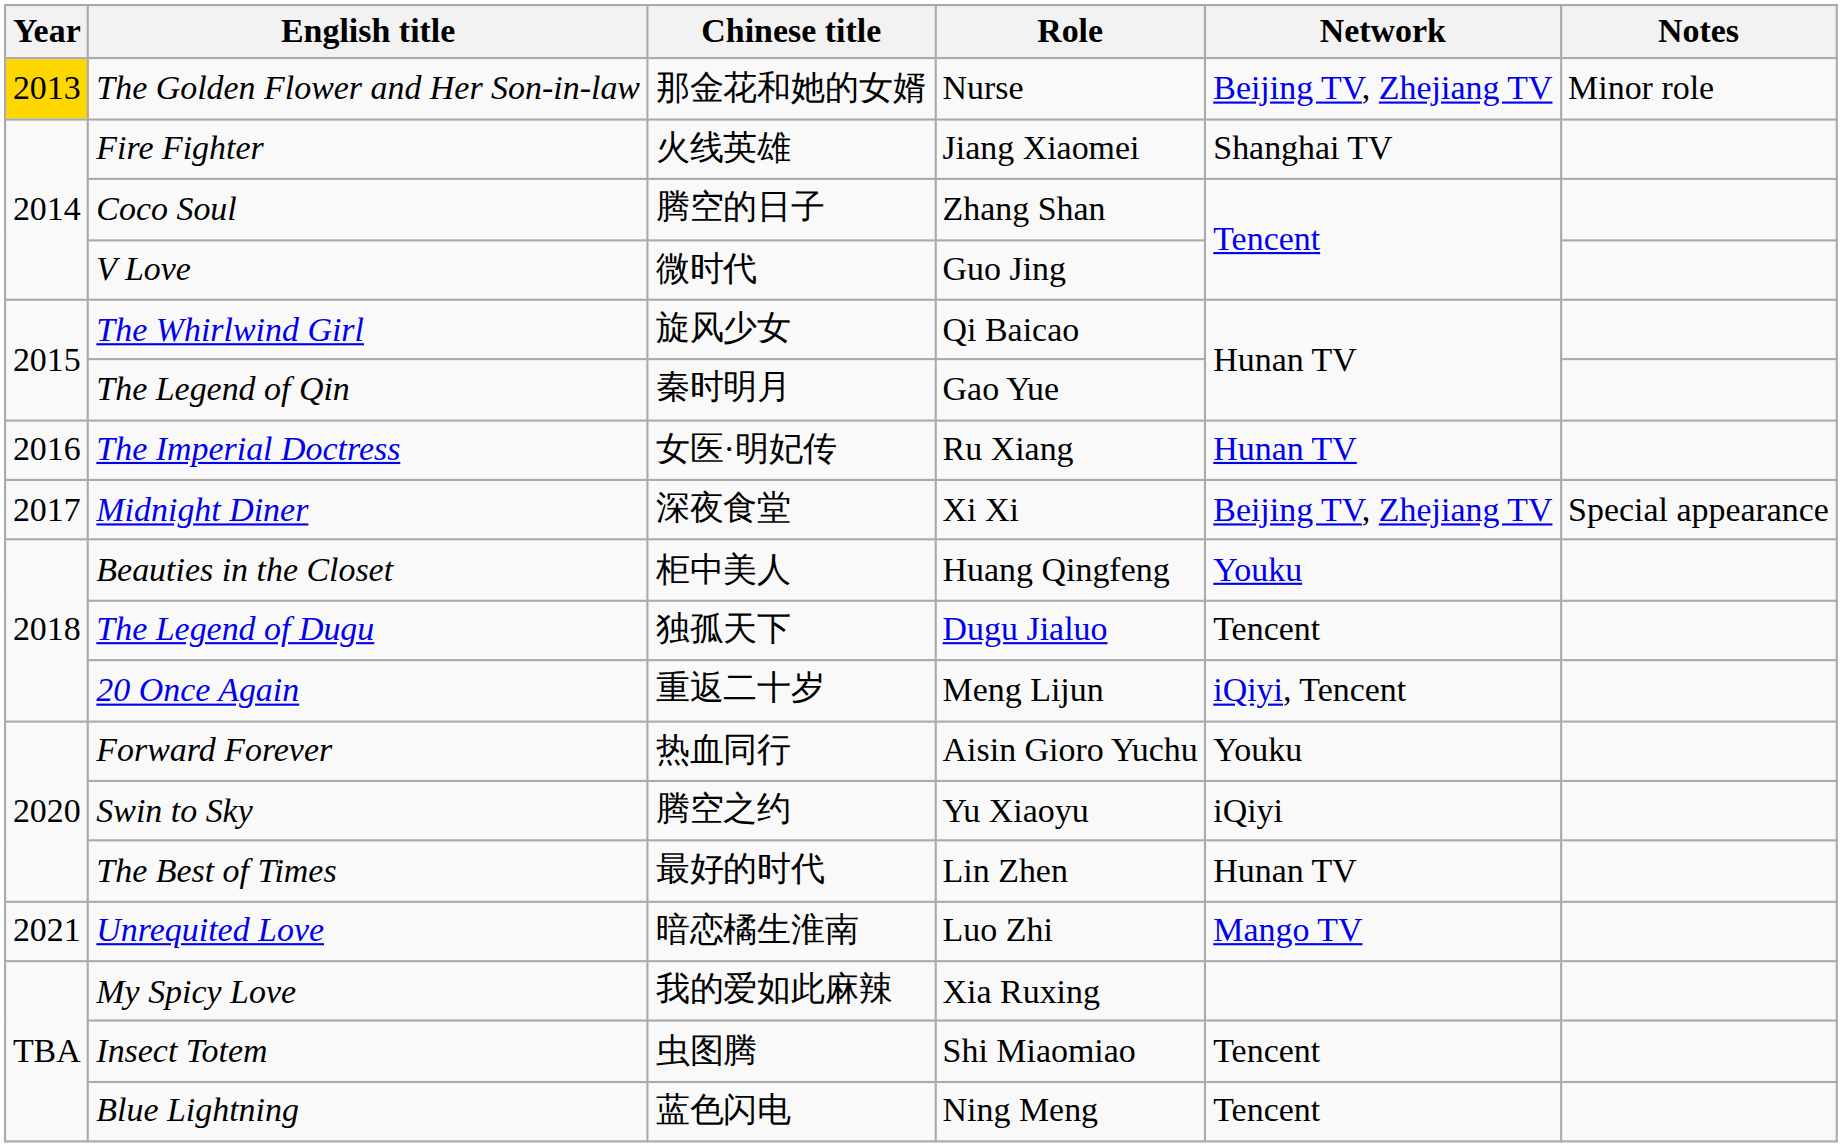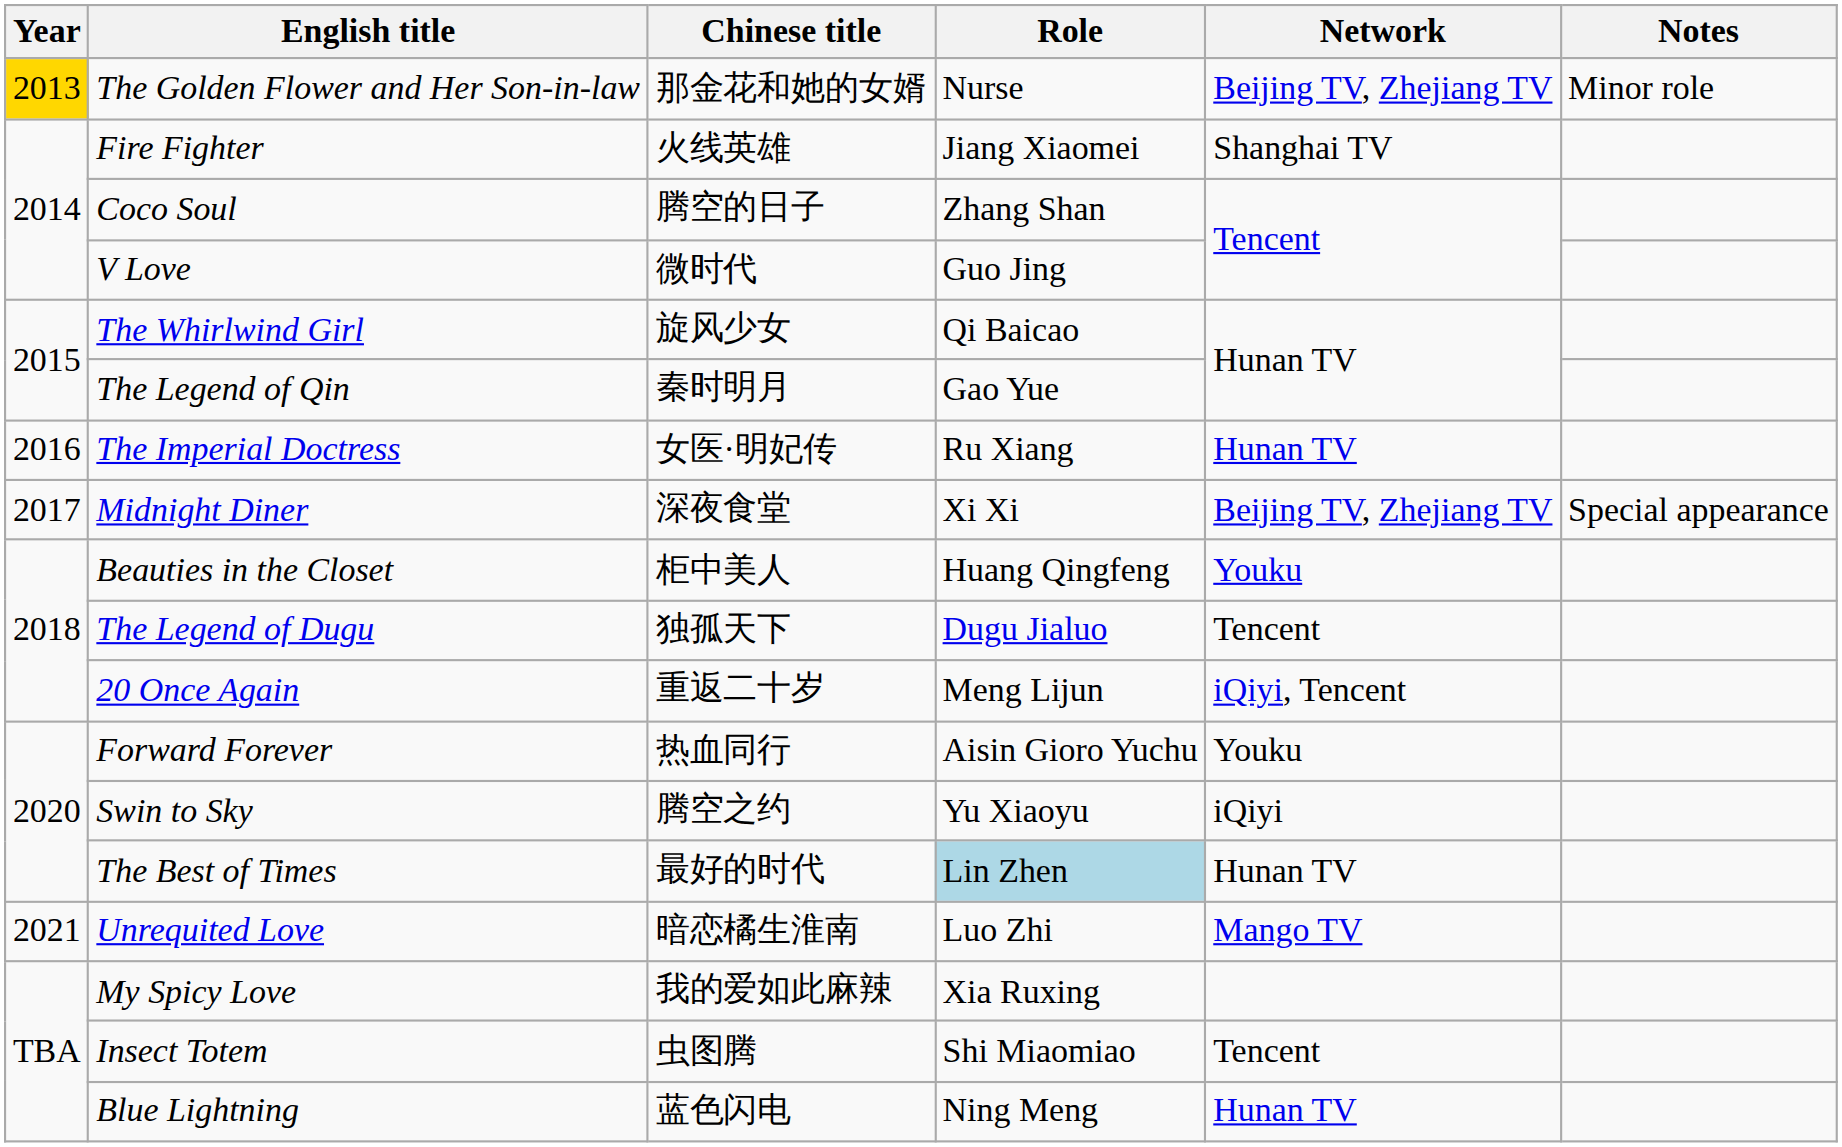 <table class="wikitable">
 <tr>
 <th width=10>Year</th>
 <th>English title</th>
 <th>Chinese title</th>
 <th>Role</th>
 <th>Network</th>
 <th>Notes</th>
 </tr>
 <tr>
 <td style="background: gold;">2013</td>
 <td><em>The Golden Flower and Her Son-in-law</em></td>
 <td>那金花和她的女婿</td>
 <td>Nurse</td>
 <td><a href='#'>Beijing TV</a>, <a href='#'>Zhejiang TV</a></td>
 <td>Minor role</td>
 </tr>
 <tr>
 <td rowspan=3>2014</td>
 <td><em>Fire Fighter</em></td>
 <td>火线英雄</td>
 <td>Jiang Xiaomei</td>
 <td>Shanghai TV</td>
 <td></td>
 </tr>
 <tr>
 <td><em>Coco Soul</em></td>
 <td>腾空的日子</td>
 <td>Zhang Shan</td>
 <td rowspan=2><a href='#'>Tencent</a></td>
 <td></td>
 </tr>
 <tr>
 <td><em>V Love</em></td>
 <td>微时代</td>
 <td>Guo Jing</td>
 <td></td>
 </tr>
 <tr>
 <td rowspan=2>2015</td>
 <td><em><a href='#'>The Whirlwind Girl</a></em></td>
 <td>旋风少女</td>
 <td>Qi Baicao</td>
 <td rowspan=2>Hunan TV</td>
 <td></td>
 </tr>
 <tr>
 <td><em>The Legend of Qin</em></td>
 <td>秦时明月</td>
 <td>Gao Yue</td>
 <td></td>
 </tr>
 <tr>
 <td>2016</td>
 <td><em><a href='#'>The Imperial Doctress</a></em></td>
 <td>女医·明妃传</td>
 <td>Ru Xiang</td>
 <td><a href='#'>Hunan TV</a></td>
 <td></td>
 </tr>
 <tr>
 <td>2017</td>
 <td><em><a href='#'>Midnight Diner</a></em></td>
 <td>深夜食堂</td>
 <td>Xi Xi</td>
 <td><a href='#'>Beijing TV</a>, <a href='#'>Zhejiang TV</a></td>
 <td>Special appearance</td>
 </tr>
 <tr>
 <td rowspan=3>2018</td>
 <td><em>Beauties in the Closet</em></td>
 <td>柜中美人</td>
 <td>Huang Qingfeng</td>
 <td><a href='#'>Youku</a></td>
 <td></td>
 </tr>
 <tr>
 <td><em><a href='#'>The Legend of Dugu</a></em></td>
 <td>独孤天下</td>
 <td><a href='#'>Dugu Jialuo</a></td>
 <td>Tencent</td>
 <td></td>
 </tr>
 <tr>
 <td><em><a href='#'>20 Once Again</a></em></td>
 <td>重返二十岁</td>
 <td>Meng Lijun</td>
 <td><a href='#'>iQiyi</a>, Tencent</td>
 <td></td>
 </tr>
 <tr>
 <td rowspan=3>2020</td>
 <td><em>Forward Forever</em></td>
 <td>热血同行</td>
 <td>Aisin Gioro Yuchu</td>
 <td>Youku</td>
 <td></td>
 </tr>
 <tr>
 <td><em>Swin to Sky</em></td>
 <td>腾空之约</td>
 <td>Yu Xiaoyu</td>
 <td>iQiyi</td>
 <td></td>
 </tr>
 <tr>
 <td><em>The Best of Times</em></td>
 <td>最好的时代</td>
-<td>Lin Zhen</td>
+<td style="background: lightblue;">Lin Zhen</td>
 <td>Hunan TV</td>
 <td></td>
 </tr>
 <tr>
 <td rowspan=1>2021</td>
 <td><em><a href='#'>Unrequited Love</a></em></td>
 <td>暗恋橘生淮南</td>
 <td>Luo Zhi</td>
 <td><a href='#'>Mango TV</a></td>
 <td></td>
 </tr>
 <tr>
 <td rowspan=3>TBA</td>
 <td><em>My Spicy Love</em></td>
 <td>我的爱如此麻辣</td>
 <td>Xia Ruxing</td>
 <td></td>
 <td></td>
 </tr>
 <tr>
 <td><em>Insect Totem</em></td>
 <td>虫图腾</td>
 <td>Shi Miaomiao</td>
 <td>Tencent</td>
 <td></td>
 </tr>
 <tr>
 <td><em>Blue Lightning</em></td>
 <td>蓝色闪电</td>
 <td>Ning Meng</td>
-<td>Tencent</td>
+<td><a href='#'>Hunan TV</a></td>
 <td></td>
 </tr>
 </table>
